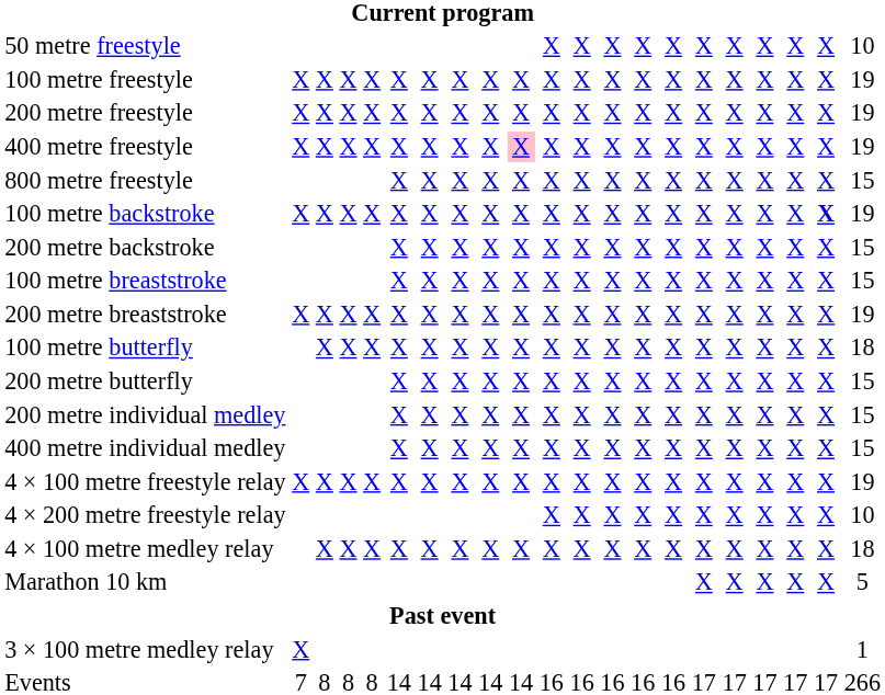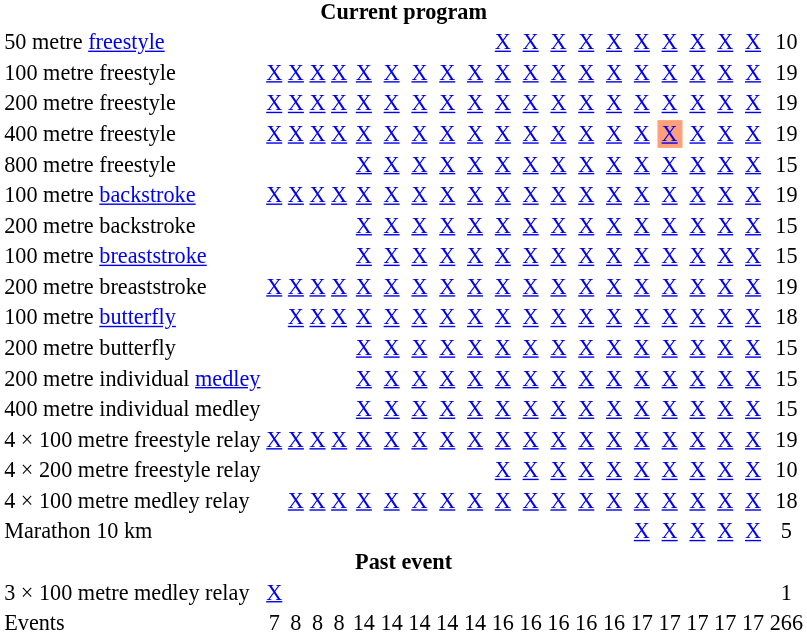 <table>
 <tr>
 <td align=center colspan=21><strong>Current program</strong></td>
 </tr>
 <tr align=center>
 <td align=left>50 metre <a href='#'>freestyle</a></td>
 <td></td>
 <td></td>
 <td></td>
 <td></td>
 <td></td>
 <td></td>
 <td></td>
 <td></td>
 <td></td>
 <td><a href='#'>X</a></td>
 <td><a href='#'>X</a></td>
 <td><a href='#'>X</a></td>
 <td><a href='#'>X</a></td>
 <td><a href='#'>X</a></td>
 <td><a href='#'>X</a></td>
 <td><a href='#'>X</a></td>
 <td><a href='#'>X</a></td>
 <td><a href='#'>X</a></td>
 <td><a href='#'>X</a></td>
 <td>10</td>
 </tr>
 <tr align=center>
 <td align=left>100 metre freestyle</td>
 <td><a href='#'>X</a></td>
 <td><a href='#'>X</a></td>
 <td><a href='#'>X</a></td>
 <td><a href='#'>X</a></td>
 <td><a href='#'>X</a></td>
 <td><a href='#'>X</a></td>
 <td><a href='#'>X</a></td>
 <td><a href='#'>X</a></td>
 <td><a href='#'>X</a></td>
 <td><a href='#'>X</a></td>
 <td><a href='#'>X</a></td>
 <td><a href='#'>X</a></td>
 <td><a href='#'>X</a></td>
 <td><a href='#'>X</a></td>
 <td><a href='#'>X</a></td>
 <td><a href='#'>X</a></td>
 <td><a href='#'>X</a></td>
 <td><a href='#'>X</a></td>
 <td><a href='#'>X</a></td>
 <td>19</td>
 </tr>
 <tr align=center>
 <td align=left>200 metre freestyle</td>
 <td><a href='#'>X</a></td>
 <td><a href='#'>X</a></td>
 <td><a href='#'>X</a></td>
 <td><a href='#'>X</a></td>
 <td><a href='#'>X</a></td>
 <td><a href='#'>X</a></td>
 <td><a href='#'>X</a></td>
 <td><a href='#'>X</a></td>
 <td><a href='#'>X</a></td>
 <td><a href='#'>X</a></td>
 <td><a href='#'>X</a></td>
 <td><a href='#'>X</a></td>
 <td><a href='#'>X</a></td>
 <td><a href='#'>X</a></td>
 <td><a href='#'>X</a></td>
 <td><a href='#'>X</a></td>
 <td><a href='#'>X</a></td>
 <td><a href='#'>X</a></td>
 <td><a href='#'>X</a></td>
 <td>19</td>
 </tr>
 <tr align=center>
 <td align=left>400 metre freestyle</td>
 <td><a href='#'>X</a></td>
 <td><a href='#'>X</a></td>
 <td><a href='#'>X</a></td>
 <td><a href='#'>X</a></td>
 <td><a href='#'>X</a></td>
 <td><a href='#'>X</a></td>
 <td><a href='#'>X</a></td>
 <td><a href='#'>X</a></td>
-<td style="background: pink;"><a href='#'>X</a></td>
 <td><a href='#'>X</a></td>
 <td><a href='#'>X</a></td>
 <td><a href='#'>X</a></td>
 <td><a href='#'>X</a></td>
 <td><a href='#'>X</a></td>
 <td><a href='#'>X</a></td>
 <td><a href='#'>X</a></td>
+<td style="background: lightsalmon;"><a href='#'>X</a></td>
 <td><a href='#'>X</a></td>
 <td><a href='#'>X</a></td>
 <td><a href='#'>X</a></td>
 <td>19</td>
 </tr>
 <tr align=center>
 <td align=left>800 metre freestyle</td>
 <td></td>
 <td></td>
 <td></td>
 <td></td>
 <td><a href='#'>X</a></td>
 <td><a href='#'>X</a></td>
 <td><a href='#'>X</a></td>
 <td><a href='#'>X</a></td>
 <td><a href='#'>X</a></td>
 <td><a href='#'>X</a></td>
 <td><a href='#'>X</a></td>
 <td><a href='#'>X</a></td>
 <td><a href='#'>X</a></td>
 <td><a href='#'>X</a></td>
 <td><a href='#'>X</a></td>
 <td><a href='#'>X</a></td>
 <td><a href='#'>X</a></td>
 <td><a href='#'>X</a></td>
 <td><a href='#'>X</a></td>
 <td>15</td>
 </tr>
 <tr align=center>
 <td align=left>100 metre <a href='#'>backstroke</a></td>
 <td><a href='#'>X</a></td>
 <td><a href='#'>X</a></td>
 <td><a href='#'>X</a></td>
 <td><a href='#'>X</a></td>
 <td><a href='#'>X</a></td>
 <td><a href='#'>X</a></td>
 <td><a href='#'>X</a></td>
 <td><a href='#'>X</a></td>
 <td><a href='#'>X</a></td>
 <td><a href='#'>X</a></td>
 <td><a href='#'>X</a></td>
 <td><a href='#'>X</a></td>
 <td><a href='#'>X</a></td>
 <td><a href='#'>X</a></td>
 <td><a href='#'>X</a></td>
 <td><a href='#'>X</a></td>
 <td><a href='#'>X</a></td>
 <td><a href='#'>X</a></td>
-<td><strong><a href='#'>X</a></strong></td>
+<td><a href='#'>X</a></td>
 <td>19</td>
 </tr>
 <tr align=center>
 <td align=left>200 metre backstroke</td>
 <td></td>
 <td></td>
 <td></td>
 <td></td>
 <td><a href='#'>X</a></td>
 <td><a href='#'>X</a></td>
 <td><a href='#'>X</a></td>
 <td><a href='#'>X</a></td>
 <td><a href='#'>X</a></td>
 <td><a href='#'>X</a></td>
 <td><a href='#'>X</a></td>
 <td><a href='#'>X</a></td>
 <td><a href='#'>X</a></td>
 <td><a href='#'>X</a></td>
 <td><a href='#'>X</a></td>
 <td><a href='#'>X</a></td>
 <td><a href='#'>X</a></td>
 <td><a href='#'>X</a></td>
 <td><a href='#'>X</a></td>
 <td>15</td>
 </tr>
 <tr align=center>
 <td align=left>100 metre <a href='#'>breaststroke</a></td>
 <td></td>
 <td></td>
 <td></td>
 <td></td>
 <td><a href='#'>X</a></td>
 <td><a href='#'>X</a></td>
 <td><a href='#'>X</a></td>
 <td><a href='#'>X</a></td>
 <td><a href='#'>X</a></td>
 <td><a href='#'>X</a></td>
 <td><a href='#'>X</a></td>
 <td><a href='#'>X</a></td>
 <td><a href='#'>X</a></td>
 <td><a href='#'>X</a></td>
 <td><a href='#'>X</a></td>
 <td><a href='#'>X</a></td>
 <td><a href='#'>X</a></td>
 <td><a href='#'>X</a></td>
 <td><a href='#'>X</a></td>
 <td>15</td>
 </tr>
 <tr align=center>
 <td align=left>200 metre breaststroke</td>
 <td><a href='#'>X</a></td>
 <td><a href='#'>X</a></td>
 <td><a href='#'>X</a></td>
 <td><a href='#'>X</a></td>
 <td><a href='#'>X</a></td>
 <td><a href='#'>X</a></td>
 <td><a href='#'>X</a></td>
 <td><a href='#'>X</a></td>
 <td><a href='#'>X</a></td>
 <td><a href='#'>X</a></td>
 <td><a href='#'>X</a></td>
 <td><a href='#'>X</a></td>
 <td><a href='#'>X</a></td>
 <td><a href='#'>X</a></td>
 <td><a href='#'>X</a></td>
 <td><a href='#'>X</a></td>
 <td><a href='#'>X</a></td>
 <td><a href='#'>X</a></td>
 <td><a href='#'>X</a></td>
 <td>19</td>
 </tr>
 <tr align=center>
 <td align=left>100 metre <a href='#'>butterfly</a></td>
 <td></td>
 <td><a href='#'>X</a></td>
 <td><a href='#'>X</a></td>
 <td><a href='#'>X</a></td>
 <td><a href='#'>X</a></td>
 <td><a href='#'>X</a></td>
 <td><a href='#'>X</a></td>
 <td><a href='#'>X</a></td>
 <td><a href='#'>X</a></td>
 <td><a href='#'>X</a></td>
 <td><a href='#'>X</a></td>
 <td><a href='#'>X</a></td>
 <td><a href='#'>X</a></td>
 <td><a href='#'>X</a></td>
 <td><a href='#'>X</a></td>
 <td><a href='#'>X</a></td>
 <td><a href='#'>X</a></td>
 <td><a href='#'>X</a></td>
 <td><a href='#'>X</a></td>
 <td>18</td>
 </tr>
 <tr align=center>
 <td align=left>200 metre butterfly</td>
 <td></td>
 <td></td>
 <td></td>
 <td></td>
 <td><a href='#'>X</a></td>
 <td><a href='#'>X</a></td>
 <td><a href='#'>X</a></td>
 <td><a href='#'>X</a></td>
 <td><a href='#'>X</a></td>
 <td><a href='#'>X</a></td>
 <td><a href='#'>X</a></td>
 <td><a href='#'>X</a></td>
 <td><a href='#'>X</a></td>
 <td><a href='#'>X</a></td>
 <td><a href='#'>X</a></td>
 <td><a href='#'>X</a></td>
 <td><a href='#'>X</a></td>
 <td><a href='#'>X</a></td>
 <td><a href='#'>X</a></td>
 <td>15</td>
 </tr>
 <tr align=center>
 <td align=left>200 metre individual <a href='#'>medley</a></td>
 <td></td>
 <td></td>
 <td></td>
 <td></td>
 <td><a href='#'>X</a></td>
 <td><a href='#'>X</a></td>
 <td><a href='#'>X</a></td>
 <td><a href='#'>X</a></td>
 <td><a href='#'>X</a></td>
 <td><a href='#'>X</a></td>
 <td><a href='#'>X</a></td>
 <td><a href='#'>X</a></td>
 <td><a href='#'>X</a></td>
 <td><a href='#'>X</a></td>
 <td><a href='#'>X</a></td>
 <td><a href='#'>X</a></td>
 <td><a href='#'>X</a></td>
 <td><a href='#'>X</a></td>
 <td><a href='#'>X</a></td>
 <td>15</td>
 </tr>
 <tr align=center>
 <td align=left>400 metre individual medley</td>
 <td></td>
 <td></td>
 <td></td>
 <td></td>
 <td><a href='#'>X</a></td>
 <td><a href='#'>X</a></td>
 <td><a href='#'>X</a></td>
 <td><a href='#'>X</a></td>
 <td><a href='#'>X</a></td>
 <td><a href='#'>X</a></td>
 <td><a href='#'>X</a></td>
 <td><a href='#'>X</a></td>
 <td><a href='#'>X</a></td>
 <td><a href='#'>X</a></td>
 <td><a href='#'>X</a></td>
 <td><a href='#'>X</a></td>
 <td><a href='#'>X</a></td>
 <td><a href='#'>X</a></td>
 <td><a href='#'>X</a></td>
 <td>15</td>
 </tr>
 <tr align=center>
 <td align=left>4 × 100 metre freestyle relay</td>
 <td><a href='#'>X</a></td>
 <td><a href='#'>X</a></td>
 <td><a href='#'>X</a></td>
 <td><a href='#'>X</a></td>
 <td><a href='#'>X</a></td>
 <td><a href='#'>X</a></td>
 <td><a href='#'>X</a></td>
 <td><a href='#'>X</a></td>
 <td><a href='#'>X</a></td>
 <td><a href='#'>X</a></td>
 <td><a href='#'>X</a></td>
 <td><a href='#'>X</a></td>
 <td><a href='#'>X</a></td>
 <td><a href='#'>X</a></td>
 <td><a href='#'>X</a></td>
 <td><a href='#'>X</a></td>
 <td><a href='#'>X</a></td>
 <td><a href='#'>X</a></td>
 <td><a href='#'>X</a></td>
 <td>19</td>
 </tr>
 <tr align=center>
 <td align=left>4 × 200 metre freestyle relay</td>
 <td></td>
 <td></td>
 <td></td>
 <td></td>
 <td></td>
 <td></td>
 <td></td>
 <td></td>
 <td></td>
 <td><a href='#'>X</a></td>
 <td><a href='#'>X</a></td>
 <td><a href='#'>X</a></td>
 <td><a href='#'>X</a></td>
 <td><a href='#'>X</a></td>
 <td><a href='#'>X</a></td>
 <td><a href='#'>X</a></td>
 <td><a href='#'>X</a></td>
 <td><a href='#'>X</a></td>
 <td><a href='#'>X</a></td>
 <td>10</td>
 </tr>
 <tr align=center>
 <td align=left>4 × 100 metre medley relay</td>
 <td></td>
 <td><a href='#'>X</a></td>
 <td><a href='#'>X</a></td>
 <td><a href='#'>X</a></td>
 <td><a href='#'>X</a></td>
 <td><a href='#'>X</a></td>
 <td><a href='#'>X</a></td>
 <td><a href='#'>X</a></td>
 <td><a href='#'>X</a></td>
 <td><a href='#'>X</a></td>
 <td><a href='#'>X</a></td>
 <td><a href='#'>X</a></td>
 <td><a href='#'>X</a></td>
 <td><a href='#'>X</a></td>
 <td><a href='#'>X</a></td>
 <td><a href='#'>X</a></td>
 <td><a href='#'>X</a></td>
 <td><a href='#'>X</a></td>
 <td><a href='#'>X</a></td>
 <td>18</td>
 </tr>
 <tr align=center>
 <td align=left>Marathon 10 km</td>
 <td></td>
 <td></td>
 <td></td>
 <td></td>
 <td></td>
 <td></td>
 <td></td>
 <td></td>
 <td></td>
 <td></td>
 <td></td>
 <td></td>
 <td></td>
 <td></td>
 <td><a href='#'>X</a></td>
 <td><a href='#'>X</a></td>
 <td><a href='#'>X</a></td>
 <td><a href='#'>X</a></td>
 <td><a href='#'>X</a></td>
 <td>5</td>
 </tr>
 <tr align=center>
 <td align=center colspan=21><strong>Past event</strong></td>
 </tr>
 <tr align=center>
 <td align=left>3 × 100 metre medley relay</td>
 <td><a href='#'>X</a></td>
 <td></td>
 <td></td>
 <td></td>
 <td></td>
 <td></td>
 <td></td>
 <td></td>
 <td></td>
 <td></td>
 <td></td>
 <td></td>
 <td></td>
 <td></td>
 <td></td>
 <td></td>
 <td></td>
 <td></td>
 <td></td>
 <td>1</td>
 </tr>
 <tr align=center>
 <td align=left>Events</td>
 <td>7</td>
 <td>8</td>
 <td>8</td>
 <td>8</td>
 <td>14</td>
 <td>14</td>
 <td>14</td>
 <td>14</td>
 <td>14</td>
 <td>16</td>
 <td>16</td>
 <td>16</td>
 <td>16</td>
 <td>16</td>
 <td>17</td>
 <td>17</td>
 <td>17</td>
 <td>17</td>
 <td>17</td>
 <td>266</td>
 </tr>
 </table>
